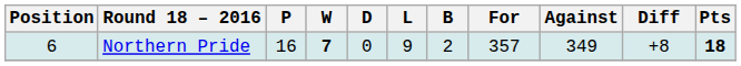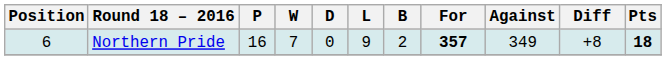 <table class="wikitable" style="text-align:center; font-size:85%;">
 <tr>
 <th width=40 abbr="Position">Position</th>
 <th width=100>Round 18 – 2016</th>
 <th width=20 abbr="Played">P</th>
 <th width=20 abbr="Won">W</th>
 <th width=20 abbr="Drawn">D</th>
 <th width=20 abbr="Lost">L</th>
 <th width=20 abbr="Bye">B</th>
 <th width=40 abbr="Points for">For</th>
 <th width=40 abbr="Points against">Against</th>
 <th width=40 abbr="Points difference">Diff</th>
 <th width=20 abbr="Points">Pts</th>
 </tr>
 <tr style="background: #d7ebed;">
 <td>6</td>
 <td style="text-align:left;"> <a href='#'>Northern Pride</a></td>
 <td>16</td>
-<td><strong>7</strong></td>
+<td>7</td>
 <td>0</td>
 <td>9</td>
 <td>2</td>
-<td>357</td>
+<td><strong>357</strong></td>
 <td>349</td>
 <td>+8</td>
 <td><strong>18</strong></td>
 </tr>
 <tr>
 </tr>
 </table>
